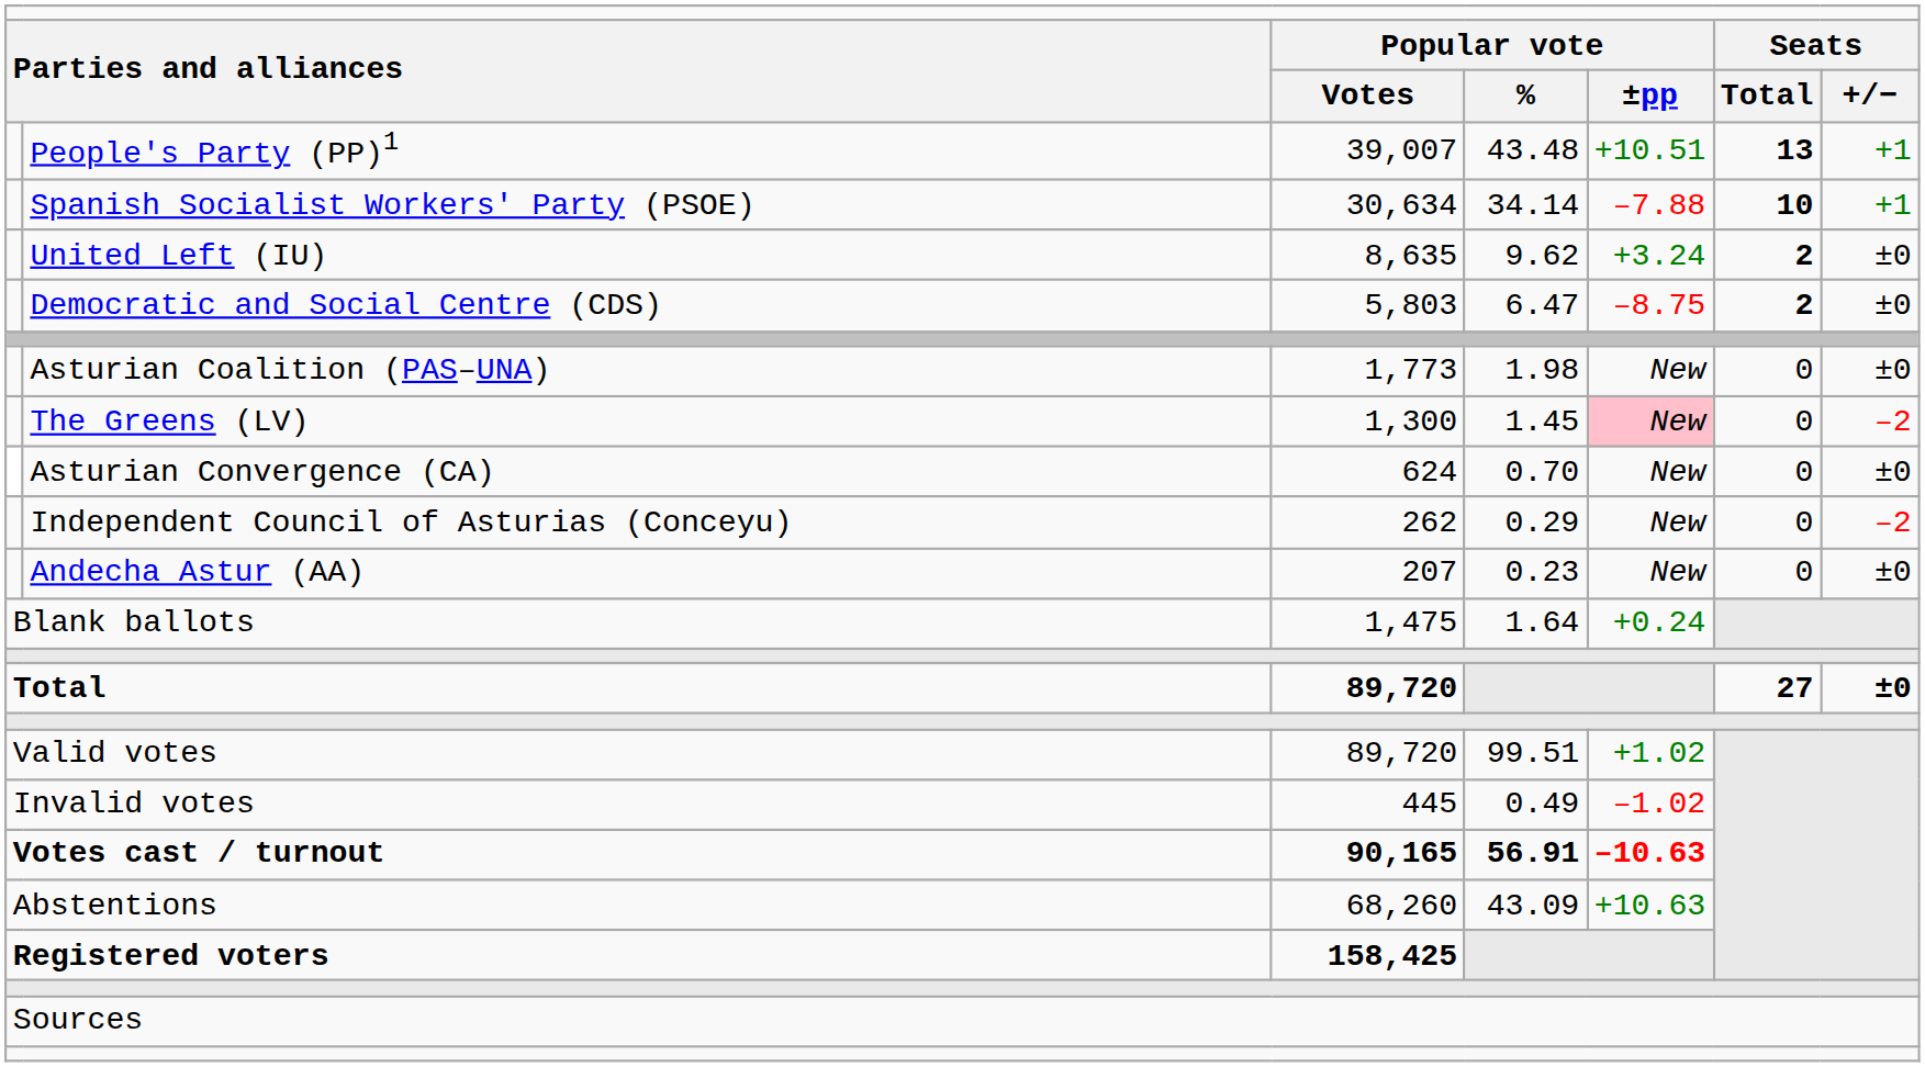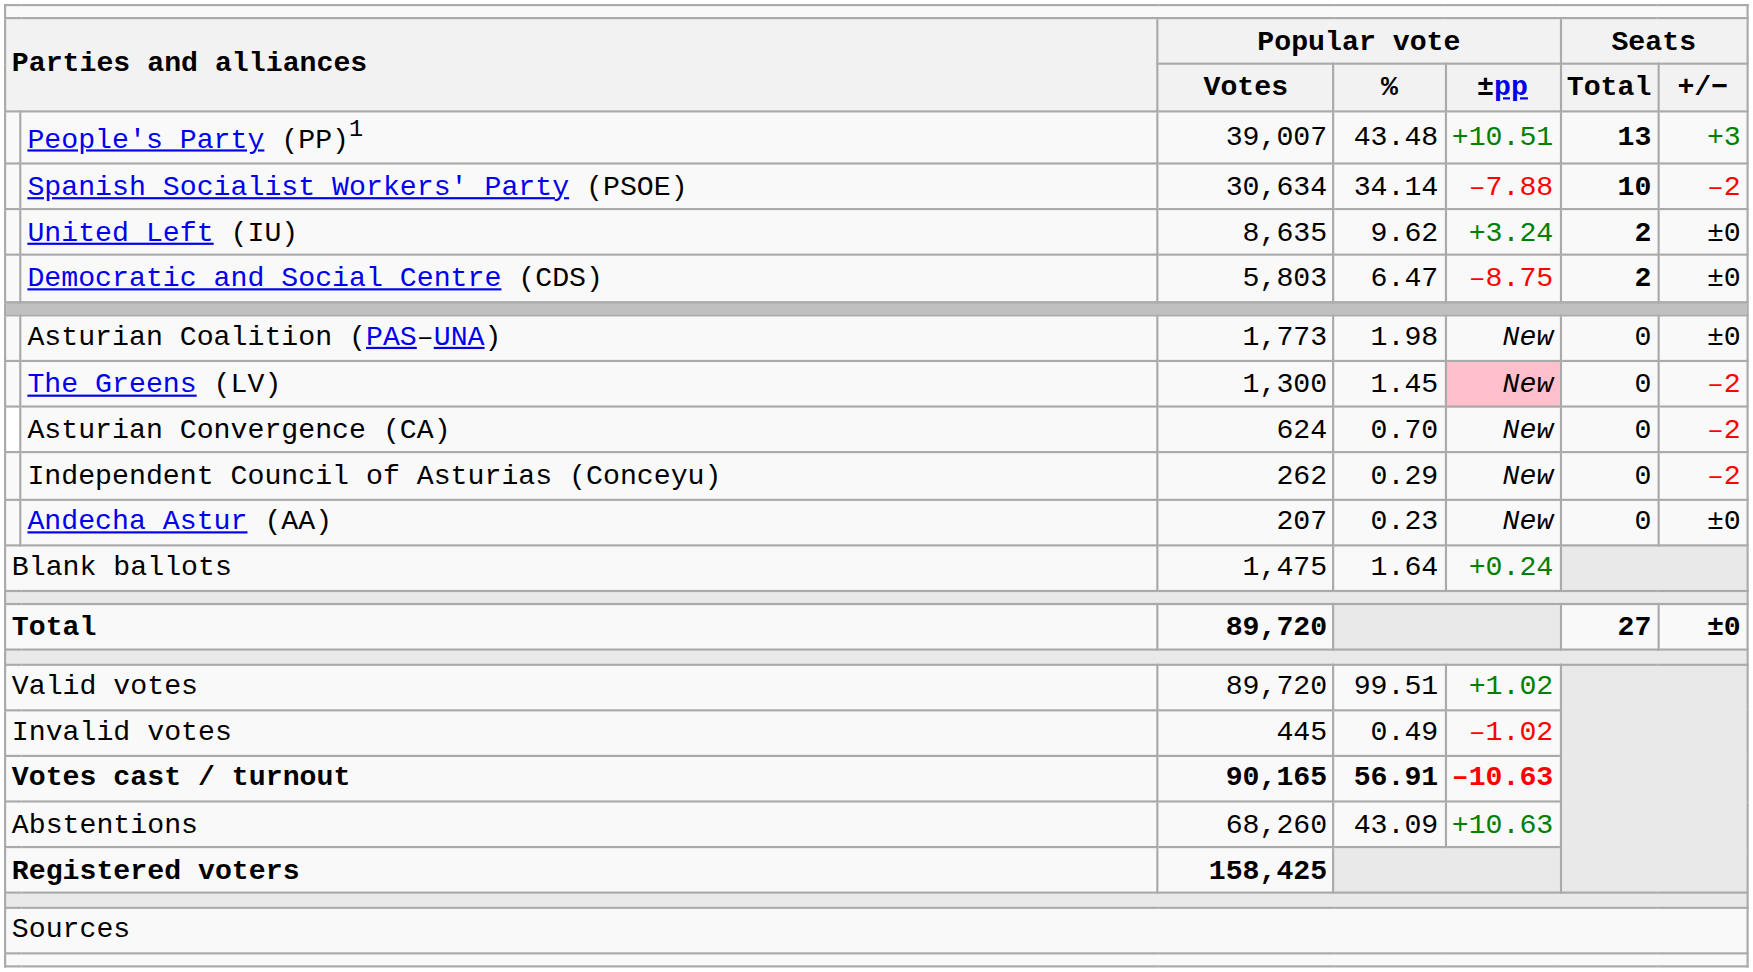 <table class="wikitable" style="text-align:right;">
 <tr>
 <td colspan="7"></td>
 </tr>
 <tr>
 <th style="text-align:left;" rowspan="2" colspan="2" width="525">Parties and alliances</th>
 <th colspan="3">Popular vote</th>
 <th colspan="2">Seats</th>
 </tr>
 <tr>
 <th width="75">Votes</th>
 <th width="45">%</th>
 <th width="45">±<a href='#'>pp</a></th>
 <th width="35">Total</th>
 <th width="35">+/−</th>
 </tr>
 <tr>
 <td width="1" style="color:inherit;background:"></td>
 <td align="left"><a href='#'>People's Party</a> (PP)<sup>1</sup></td>
 <td>39,007</td>
 <td>43.48</td>
 <td style="color:green;">+10.51</td>
 <td><strong>13</strong></td>
-<td style="color:green;">+1</td>
+<td style="color:green;">+3</td>
 </tr>
 <tr>
 <td style="color:inherit;background:"></td>
 <td align="left"><a href='#'>Spanish Socialist Workers' Party</a> (PSOE)</td>
 <td>30,634</td>
 <td>34.14</td>
 <td style="color:red;">–7.88</td>
 <td><strong>10</strong></td>
-<td style="color:green;">+1</td>
+<td style="color:red;">–2</td>
 </tr>
 <tr>
 <td style="color:inherit;background:"></td>
 <td align="left"><a href='#'>United Left</a> (IU)</td>
 <td>8,635</td>
 <td>9.62</td>
 <td style="color:green;">+3.24</td>
 <td><strong>2</strong></td>
 <td>±0</td>
 </tr>
 <tr>
 <td style="color:inherit;background:"></td>
 <td align="left"><a href='#'>Democratic and Social Centre</a> (CDS)</td>
 <td>5,803</td>
 <td>6.47</td>
 <td style="color:red;">–8.75</td>
 <td><strong>2</strong></td>
 <td>±0</td>
 </tr>
 <tr>
 <td colspan="7" bgcolor="#C0C0C0"></td>
 </tr>
 <tr>
 <td style="color:inherit;background:"></td>
 <td align="left">Asturian Coalition (<a href='#'>PAS</a>–<a href='#'>UNA</a>)</td>
 <td>1,773</td>
 <td>1.98</td>
 <td><em>New</em></td>
 <td>0</td>
 <td>±0</td>
 </tr>
 <tr>
 <td style="color:inherit;background:"></td>
 <td align="left"><a href='#'>The Greens</a> (LV)</td>
 <td>1,300</td>
 <td>1.45</td>
 <td style="background: pink;"><em>New</em></td>
 <td>0</td>
 <td style="color:red;">–2</td>
 </tr>
 <tr>
 <td bgcolor="white"></td>
 <td align="left">Asturian Convergence (CA)</td>
 <td>624</td>
 <td>0.70</td>
 <td><em>New</em></td>
 <td>0</td>
-<td>±0</td>
+<td style="color:red;">–2</td>
 </tr>
 <tr>
 <td style="color:inherit;background:"></td>
 <td align="left">Independent Council of Asturias (Conceyu)</td>
 <td>262</td>
 <td>0.29</td>
 <td><em>New</em></td>
 <td>0</td>
 <td style="color:red;">–2</td>
 </tr>
 <tr>
 <td style="color:inherit;background:"></td>
 <td align="left"><a href='#'>Andecha Astur</a> (AA)</td>
 <td>207</td>
 <td>0.23</td>
 <td><em>New</em></td>
 <td>0</td>
 <td>±0</td>
 </tr>
 <tr>
 <td align="left" colspan="2">Blank ballots</td>
 <td>1,475</td>
 <td>1.64</td>
 <td style="color:green;">+0.24</td>
 <td bgcolor="#E9E9E9" colspan="2"></td>
 </tr>
 <tr>
 <td colspan="7" bgcolor="#E9E9E9"></td>
 </tr>
 <tr style="font-weight:bold;">
 <td align="left" colspan="2">Total</td>
 <td>89,720</td>
 <td bgcolor="#E9E9E9" colspan="2"></td>
 <td>27</td>
 <td>±0</td>
 </tr>
 <tr>
 <td colspan="7" bgcolor="#E9E9E9"></td>
 </tr>
 <tr>
 <td align="left" colspan="2">Valid votes</td>
 <td>89,720</td>
 <td>99.51</td>
 <td style="color:green;">+1.02</td>
 <td bgcolor="#E9E9E9" colspan="2" rowspan="5"></td>
 </tr>
 <tr>
 <td align="left" colspan="2">Invalid votes</td>
 <td>445</td>
 <td>0.49</td>
 <td style="color:red;">–1.02</td>
 </tr>
 <tr style="font-weight:bold;">
 <td align="left" colspan="2">Votes cast / turnout</td>
 <td>90,165</td>
 <td>56.91</td>
 <td style="color:red;">–10.63</td>
 </tr>
 <tr>
 <td align="left" colspan="2">Abstentions</td>
 <td>68,260</td>
 <td>43.09</td>
 <td style="color:green;">+10.63</td>
 </tr>
 <tr style="font-weight:bold;">
 <td align="left" colspan="2">Registered voters</td>
 <td>158,425</td>
 <td bgcolor="#E9E9E9" colspan="2"></td>
 </tr>
 <tr>
 <td colspan="7" bgcolor="#E9E9E9"></td>
 </tr>
 <tr>
 <td align="left" colspan="7">Sources</td>
 </tr>
 <tr>
 <td colspan="7" style="text-align:left; max-width:790px;"></td>
 </tr>
 </table>
